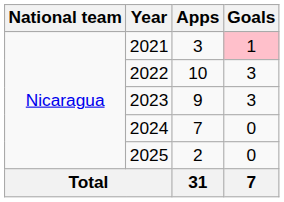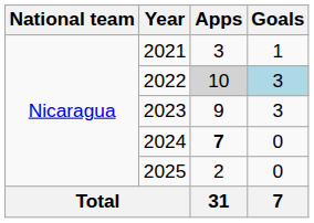 <table class="wikitable" style="text-align:center">
 <tr>
 <th>National team</th>
 <th>Year</th>
 <th>Apps</th>
 <th>Goals</th>
 </tr>
 <tr>
 <td rowspan="5"><a href='#'>Nicaragua</a></td>
 <td>2021</td>
 <td>3</td>
-<td style="background: pink;">1</td>
+<td>1</td>
 </tr>
 <tr>
 <td>2022</td>
-<td>10</td>
-<td>3</td>
+<td style="background: lightgrey;">10</td>
+<td style="background: lightblue;">3</td>
 </tr>
 <tr>
 <td>2023</td>
 <td>9</td>
 <td>3</td>
 </tr>
 <tr>
 <td>2024</td>
-<td>7</td>
+<td><strong>7</strong></td>
 <td>0</td>
 </tr>
 <tr>
 <td>2025</td>
 <td>2</td>
 <td>0</td>
 </tr>
 <tr>
 <th colspan="2">Total</th>
 <th>31</th>
 <th>7</th>
 </tr>
 </table>
